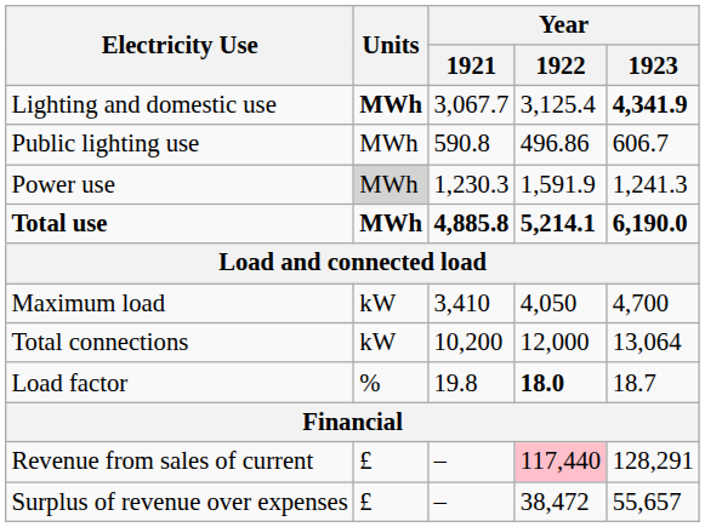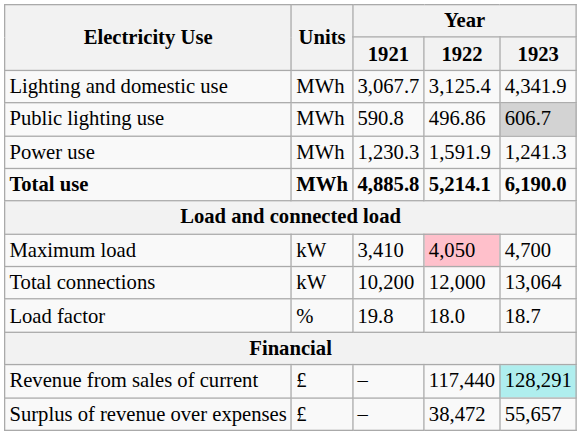 <table class="wikitable">
 <tr>
 <th rowspan="2">Electricity Use</th>
 <th rowspan="2">Units</th>
 <th colspan="3">Year</th>
 </tr>
 <tr>
 <th>1921</th>
 <th>1922</th>
 <th>1923</th>
 </tr>
 <tr>
 <td>Lighting and domestic use</td>
-<td><strong>MWh</strong></td>
+<td>MWh</td>
 <td>3,067.7</td>
 <td>3,125.4</td>
-<td><strong>4,341.9</strong></td>
+<td>4,341.9</td>
 </tr>
 <tr>
 <td>Public lighting use</td>
 <td>MWh</td>
 <td>590.8</td>
 <td>496.86</td>
-<td>606.7</td>
+<td style="background: lightgrey;">606.7</td>
 </tr>
 <tr>
 <td>Power use</td>
-<td style="background: lightgrey;">MWh</td>
+<td>MWh</td>
 <td>1,230.3</td>
 <td>1,591.9</td>
 <td>1,241.3</td>
 </tr>
 <tr>
 <td><strong>Total use</strong></td>
 <td><strong>MWh</strong></td>
 <td><strong>4,885.8</strong></td>
 <td><strong>5,214.1</strong></td>
 <td><strong>6,190.0</strong></td>
 </tr>
 <tr>
 <th colspan="5">Load and connected load</th>
 </tr>
 <tr>
 <td>Maximum load</td>
 <td>kW</td>
 <td>3,410</td>
-<td>4,050</td>
+<td style="background: pink;">4,050</td>
 <td>4,700</td>
 </tr>
 <tr>
 <td>Total connections</td>
 <td>kW</td>
 <td>10,200</td>
 <td>12,000</td>
 <td>13,064</td>
 </tr>
 <tr>
 <td>Load factor</td>
 <td>%</td>
 <td>19.8</td>
-<td><strong>18.0</strong></td>
+<td>18.0</td>
 <td>18.7</td>
 </tr>
 <tr>
 <th colspan="5">Financial</th>
 </tr>
 <tr>
 <td>Revenue from sales of current</td>
 <td>£</td>
 <td>–</td>
-<td style="background: pink;">117,440</td>
-<td>128,291</td>
+<td>117,440</td>
+<td style="background: paleturquoise;">128,291</td>
 </tr>
 <tr>
 <td>Surplus of revenue over expenses</td>
 <td>£</td>
 <td>–</td>
 <td>38,472</td>
 <td>55,657</td>
 </tr>
 </table>
